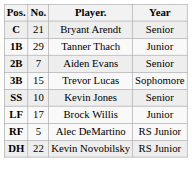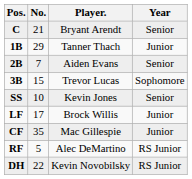 <table class="wikitable non-sortable">
 <tr>
 <th style="text-align:center; ">Pos.</th>
 <th style="text-align:center; ">No.</th>
 <th style="text-align:center; ">Player.</th>
 <th style="text-align:center; ">Year</th>
 </tr>
 <tr style="background:#eeeeee;text-align:center;">
 <td><strong>C</strong></td>
 <td>21</td>
 <td>Bryant Arendt</td>
 <td>Senior</td>
 </tr>
 <tr style="text-align:center;">
 <td><strong>1B</strong></td>
 <td>29</td>
 <td>Tanner Thach</td>
 <td>Junior</td>
 </tr>
 <tr style="background:#eeeeee;text-align:center;">
 <td><strong>2B</strong></td>
 <td>7</td>
 <td>Aiden Evans</td>
 <td>Senior</td>
 </tr>
 <tr style="text-align:center;">
 <td><strong>3B</strong></td>
 <td>15</td>
 <td>Trevor Lucas</td>
 <td>Sophomore</td>
 </tr>
 <tr style="background:#eeeeee;text-align:center;">
 <td><strong>SS</strong></td>
 <td>10</td>
 <td>Kevin Jones</td>
 <td>Senior</td>
 </tr>
 <tr style="text-align:center;">
 <td><strong>LF</strong></td>
 <td>17</td>
 <td>Brock Willis</td>
 <td>Junior</td>
 </tr>
+<tr style="background:#eeeeee;text-align:center;">
+<td><strong>CF</strong></td>
+<td>35</td>
+<td>Mac Gillespie</td>
+<td>Junior</td>
+</tr>
 <tr style="text-align:center;">
 <td><strong>RF</strong></td>
 <td>5</td>
 <td>Alec DeMartino</td>
 <td>RS Junior</td>
 </tr>
 <tr style="background:#eeeeee;text-align:center;">
 <td><strong>DH</strong></td>
 <td>22</td>
 <td>Kevin Novobilsky</td>
 <td>RS Junior</td>
 </tr>
 </table>
